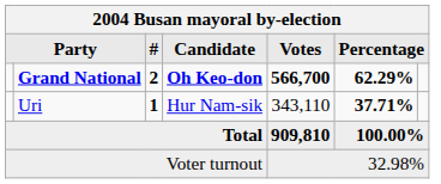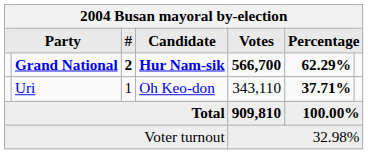 <table class="wikitable">
 <tr>
 <th colspan="7">2004 Busan mayoral by-election</th>
 </tr>
 <tr>
 <th style="background-color:#E9E9E9" colspan=2>Party</th>
 <th style="background-color:#E9E9E9">#</th>
 <th style="background-color:#E9E9E9">Candidate</th>
 <th style="background-color:#E9E9E9">Votes</th>
 <th style="background-color:#E9E9E9" colspan=2>Percentage</th>
 </tr>
 <tr style="font-weight:bold">
 <td></td>
 <td align=left><a href='#'>Grand National</a></td>
 <td align=center>2</td>
-<td align=left><a href='#'>Oh Keo-don</a></td>
+<td align=left><a href='#'>Hur Nam-sik</a></td>
 <td align=right>566,700</td>
 <td align=right>62.29%</td>
 <td align=right></td>
 </tr>
 <tr>
 <td></td>
 <td align=left><a href='#'>Uri</a></td>
-<td align=center><strong>1</strong></td>
-<td align=left><a href='#'>Hur Nam-sik</a></td>
+<td align=center>1</td>
+<td align=left><a href='#'>Oh Keo-don</a></td>
 <td align=right>343,110</td>
 <td align=right><strong>37.71%</strong></td>
 <td align=right></td>
 </tr>
 <tr bgcolor="#EEEEEE" style="font-weight:bold">
 <td colspan="4" align=right>Total</td>
 <td align=right>909,810</td>
 <td align=right colspan=2>100.00%</td>
 </tr>
 <tr bgcolor="#EEEEEE">
 <td colspan="4" align="right">Voter turnout</td>
 <td colspan="3" align="right">32.98%</td>
 </tr>
 </table>
